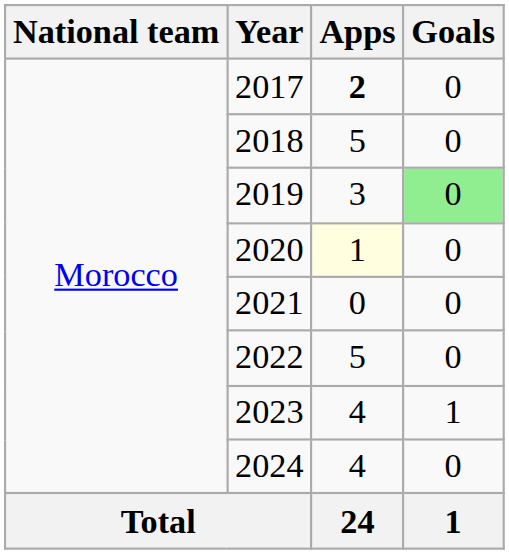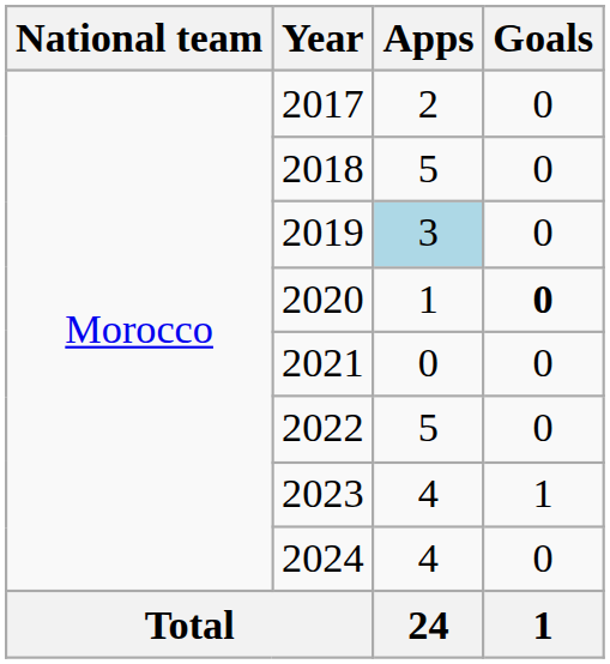 <table class=wikitable style="text-align: center">
 <tr>
 <th>National team</th>
 <th>Year</th>
 <th>Apps</th>
 <th>Goals</th>
 </tr>
 <tr>
 <td rowspan="8"><a href='#'>Morocco</a></td>
 <td>2017</td>
-<td><strong>2</strong></td>
+<td>2</td>
 <td>0</td>
 </tr>
 <tr>
 <td>2018</td>
 <td>5</td>
 <td>0</td>
 </tr>
 <tr>
 <td>2019</td>
-<td>3</td>
-<td style="background: lightgreen;">0</td>
+<td style="background: lightblue;">3</td>
+<td>0</td>
 </tr>
 <tr>
 <td>2020</td>
-<td style="background: lightyellow;">1</td>
-<td>0</td>
+<td>1</td>
+<td><strong>0</strong></td>
 </tr>
 <tr>
 <td>2021</td>
 <td>0</td>
 <td>0</td>
 </tr>
 <tr>
 <td>2022</td>
 <td>5</td>
 <td>0</td>
 </tr>
 <tr>
 <td>2023</td>
 <td>4</td>
 <td>1</td>
 </tr>
 <tr>
 <td>2024</td>
 <td>4</td>
 <td>0</td>
 </tr>
 <tr>
 <th colspan="2">Total</th>
 <th>24</th>
 <th>1</th>
 </tr>
 </table>
